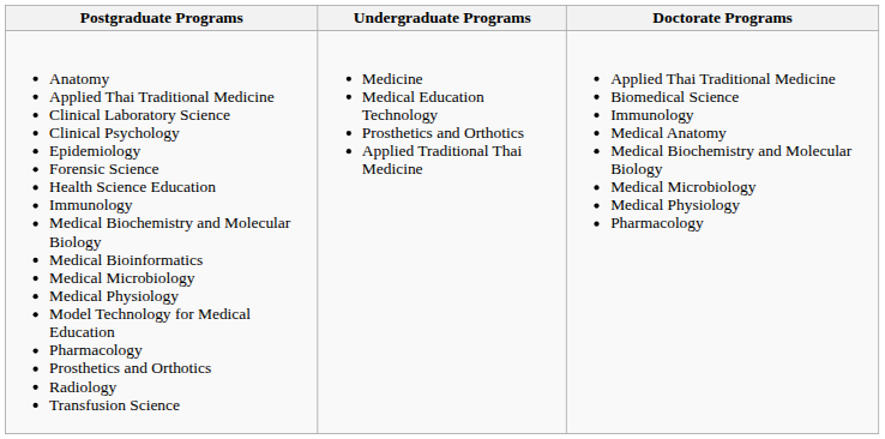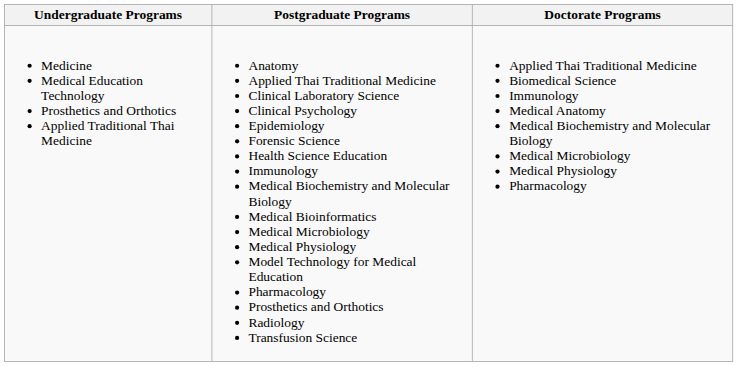 <table class="wikitable">
 <tr>
+<th><strong>Undergraduate Programs</strong></th>
 <th><strong>Postgraduate Programs</strong></th>
-<th><strong>Undergraduate Programs</strong></th>
 <th><strong>Doctorate Programs</strong></th>
 </tr>
 <tr>
+<td valign = "top"><br><ul><li>Medicine</li><li>Medical Education Technology</li><li>Prosthetics and Orthotics</li><li>Applied Traditional Thai Medicine</li></ul></td>
 <td valign = "top"><br><ul><li>Anatomy</li><li>Applied Thai Traditional Medicine</li><li>Clinical Laboratory Science</li><li>Clinical Psychology</li><li>Epidemiology</li><li>Forensic Science</li><li>Health Science Education</li><li>Immunology</li><li>Medical Biochemistry and Molecular Biology</li><li>Medical Bioinformatics</li><li>Medical Microbiology</li><li>Medical Physiology</li><li>Model Technology for Medical Education</li><li>Pharmacology</li><li>Prosthetics and Orthotics</li><li>Radiology</li><li>Transfusion Science</li></ul></td>
-<td valign = "top"><br><ul><li>Medicine</li><li>Medical Education Technology</li><li>Prosthetics and Orthotics</li><li>Applied Traditional Thai Medicine</li></ul></td>
 <td valign = "top"><br><ul><li>Applied Thai Traditional Medicine</li><li>Biomedical Science</li><li>Immunology</li><li>Medical Anatomy</li><li>Medical Biochemistry and Molecular Biology</li><li>Medical Microbiology</li><li>Medical Physiology</li><li>Pharmacology</li></ul></td>
 </tr>
 </table>
